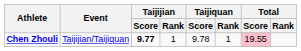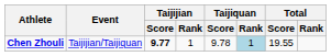 <table class="wikitable" style="text-align:center; font-size:90%">
 <tr>
 <th rowspan="2">Athlete</th>
 <th rowspan="2">Event</th>
 <th colspan="2">Taijijian</th>
 <th colspan="2">Taijiquan</th>
 <th colspan="2">Total</th>
 </tr>
 <tr>
 <th>Score</th>
 <th>Rank</th>
 <th>Score</th>
 <th>Rank</th>
 <th>Score</th>
 <th>Rank</th>
 </tr>
 <tr>
 <td align="left"><strong><a href='#'>Chen Zhouli</a></strong></td>
 <td align="left"><a href='#'>Taijijian/Taijiquan</a></td>
 <td><strong>9.77</strong></td>
 <td>1</td>
 <td>9.78</td>
-<td>1</td>
-<td style="background: pink;">19.55</td>
+<td style="background: lightblue;">1</td>
+<td>19.55</td>
 <td align=center></td>
 </tr>
 </table>
